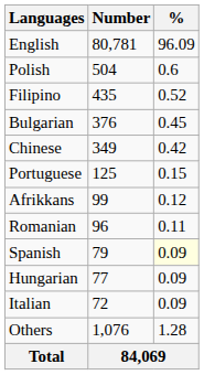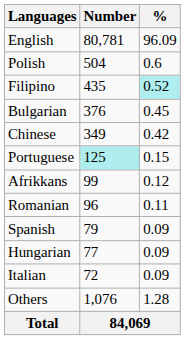 <table class="wikitable">
 <tr>
 <th>Languages</th>
 <th>Number</th>
 <th>%</th>
 </tr>
 <tr>
 <td>English</td>
 <td>80,781</td>
 <td>96.09</td>
 </tr>
 <tr>
 <td>Polish</td>
 <td>504</td>
 <td>0.6</td>
 </tr>
 <tr>
 <td>Filipino</td>
 <td>435</td>
-<td>0.52</td>
+<td style="background: paleturquoise;">0.52</td>
 </tr>
 <tr>
 <td>Bulgarian</td>
 <td>376</td>
 <td>0.45</td>
 </tr>
 <tr>
 <td>Chinese</td>
 <td>349</td>
 <td>0.42</td>
 </tr>
 <tr>
 <td>Portuguese</td>
-<td>125</td>
+<td style="background: paleturquoise;">125</td>
 <td>0.15</td>
 </tr>
 <tr>
 <td>Afrikkans</td>
 <td>99</td>
 <td>0.12</td>
 </tr>
 <tr>
 <td>Romanian</td>
 <td>96</td>
 <td>0.11</td>
 </tr>
 <tr>
 <td>Spanish</td>
 <td>79</td>
-<td style="background: lightyellow;">0.09</td>
+<td>0.09</td>
 </tr>
 <tr>
 <td>Hungarian</td>
 <td>77</td>
 <td>0.09</td>
 </tr>
 <tr>
 <td>Italian</td>
 <td>72</td>
 <td>0.09</td>
 </tr>
 <tr>
 <td>Others</td>
 <td>1,076</td>
 <td>1.28</td>
 </tr>
 <tr>
 <th>Total</th>
 <th colspan="2">84,069</th>
 </tr>
 </table>
